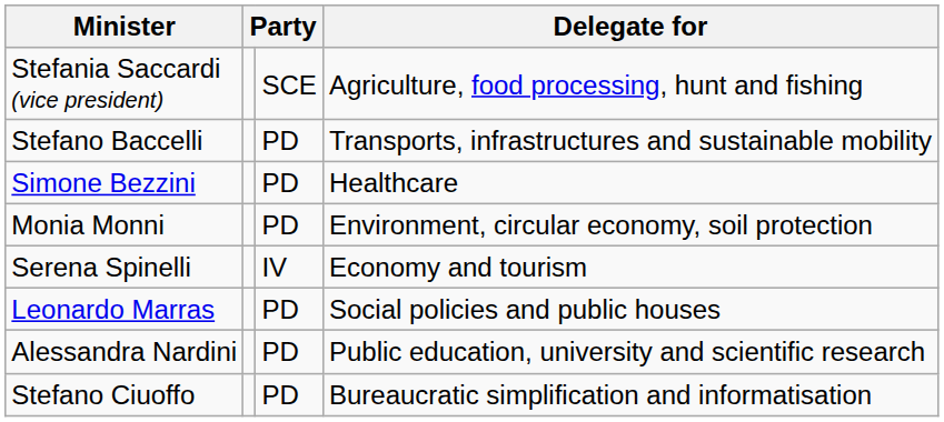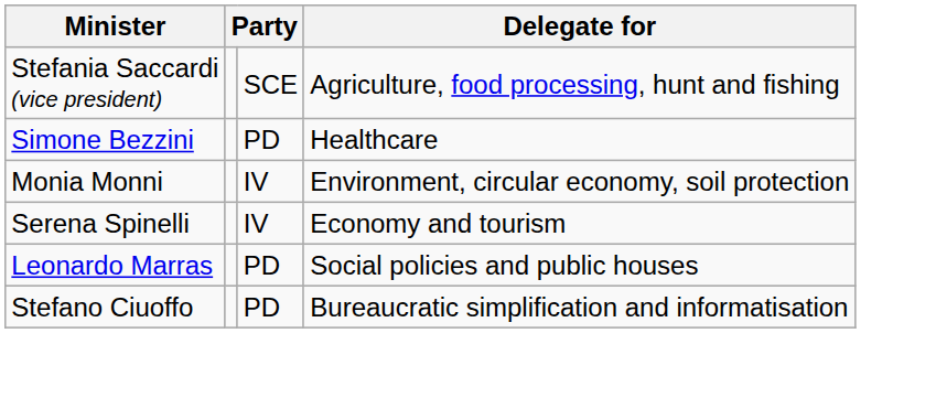 <table class="wikitable" style="font-size:95%;">
 <tr>
 <th>Minister</th>
 <th colspan="2">Party</th>
 <th>Delegate for</th>
 </tr>
 <tr>
 <td>Stefania Saccardi<br><small><em>(vice president)</em></small></td>
 <td style="background:"></td>
 <td>SCE</td>
 <td>Agriculture, <a href='#'>food processing</a>, hunt and fishing</td>
 </tr>
 <tr>
-<td>Stefano Baccelli</td>
-<td style="background:"></td>
-<td>PD</td>
-<td>Transports, infrastructures and sustainable mobility</td>
-</tr>
-<tr>
 <td><a href='#'>Simone Bezzini</a></td>
 <td style="background:"></td>
 <td>PD</td>
 <td>Healthcare</td>
 </tr>
 <tr>
 <td>Monia Monni</td>
 <td style="background:"></td>
-<td>PD</td>
+<td>IV</td>
 <td>Environment, circular economy, soil protection</td>
 </tr>
 <tr>
 <td>Serena Spinelli</td>
 <td style="background:"></td>
 <td>IV</td>
 <td>Economy and tourism</td>
 </tr>
 <tr>
 <td><a href='#'>Leonardo Marras</a></td>
 <td style="background:"></td>
 <td>PD</td>
 <td>Social policies and public houses</td>
 </tr>
 <tr>
-<td>Alessandra Nardini</td>
-<td style="background:"></td>
-<td>PD</td>
-<td>Public education, university and scientific research</td>
-</tr>
-<tr>
 <td>Stefano Ciuoffo</td>
 <td style="background:"></td>
 <td>PD</td>
 <td>Bureaucratic simplification and informatisation</td>
 </tr>
 </table>
